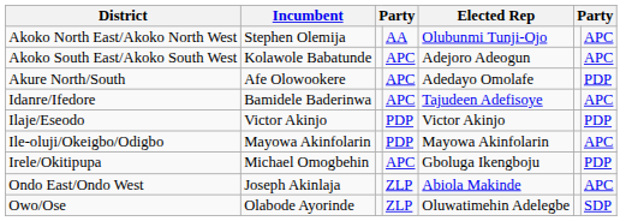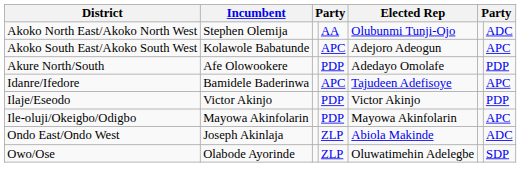 <table class="sortable wikitable" style="font-size:95%;line-height:14px;">
 <tr>
 <th class="unsortable">District</th>
 <th class="unsortable"><a href='#'>Incumbent</a></th>
 <th colspan="2">Party</th>
 <th class="unsortable">Elected Rep</th>
 <th colspan="2">Party</th>
 </tr>
 <tr>
 <td>Akoko North East/Akoko North West</td>
 <td>Stephen Olemija</td>
 <td style="background:"></td>
 <td><a href='#'>AA</a></td>
 <td><a href='#'>Olubunmi Tunji-Ojo</a></td>
 <td style="background:"></td>
-<td><a href='#'>APC</a></td>
+<td><a href='#'>ADC</a></td>
 </tr>
 <tr>
 <td>Akoko South East/Akoko South West</td>
 <td>Kolawole Babatunde</td>
 <td style="background:"></td>
 <td><a href='#'>APC</a></td>
 <td>Adejoro Adeogun</td>
 <td style="background:"></td>
 <td><a href='#'>APC</a></td>
 </tr>
 <tr>
 <td>Akure North/South</td>
 <td>Afe Olowookere</td>
 <td style="background:"></td>
-<td><a href='#'>APC</a></td>
+<td><a href='#'>PDP</a></td>
 <td>Adedayo Omolafe</td>
 <td style="background:"></td>
 <td><a href='#'>PDP</a></td>
 </tr>
 <tr>
 <td>Idanre/Ifedore</td>
 <td>Bamidele Baderinwa</td>
 <td style="background:"></td>
 <td><a href='#'>APC</a></td>
 <td><a href='#'>Tajudeen Adefisoye</a></td>
 <td style="background:"></td>
 <td><a href='#'>APC</a></td>
 </tr>
 <tr>
 <td>Ilaje/Eseodo</td>
 <td>Victor Akinjo</td>
 <td style="background:"></td>
 <td><a href='#'>PDP</a></td>
 <td>Victor Akinjo</td>
 <td style="background:"></td>
 <td><a href='#'>PDP</a></td>
 </tr>
 <tr>
 <td>Ile-oluji/Okeigbo/Odigbo</td>
 <td>Mayowa Akinfolarin</td>
 <td style="background:"></td>
 <td><a href='#'>PDP</a></td>
 <td>Mayowa Akinfolarin</td>
 <td style="background:"></td>
 <td><a href='#'>APC</a></td>
 </tr>
 <tr>
-<td>Irele/Okitipupa</td>
-<td>Michael Omogbehin</td>
-<td style="background:"></td>
-<td><a href='#'>APC</a></td>
-<td>Gboluga Ikengboju</td>
-<td style="background:"></td>
-<td><a href='#'>PDP</a></td>
-</tr>
-<tr>
 <td>Ondo East/Ondo West</td>
 <td>Joseph Akinlaja</td>
 <td style="background:"></td>
 <td><a href='#'>ZLP</a></td>
 <td><a href='#'>Abiola Makinde</a></td>
 <td style="background:"></td>
-<td><a href='#'>APC</a></td>
+<td><a href='#'>ADC</a></td>
 </tr>
 <tr>
 <td>Owo/Ose</td>
 <td>Olabode Ayorinde</td>
 <td style="background:"></td>
 <td><a href='#'>ZLP</a></td>
 <td>Oluwatimehin Adelegbe</td>
 <td style="background:"></td>
 <td><a href='#'>SDP</a></td>
 </tr>
 </table>
